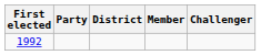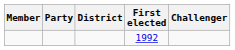 <table class="wikitable sortable" style=text-align:center>
 <tr>
-<th>First<br>elected</th>
+<th>Member</th>
 <th>Party</th>
 <th>District</th>
-<th>Member</th>
+<th>First<br>elected</th>
 <th>Challenger</th>
 </tr>
 <tr>
-<td><a href='#'>1992</a></td>
 <td></td>
 <td></td>
 <td></td>
+<td><a href='#'>1992</a></td>
 <td></td>
 </tr>
 </table>
